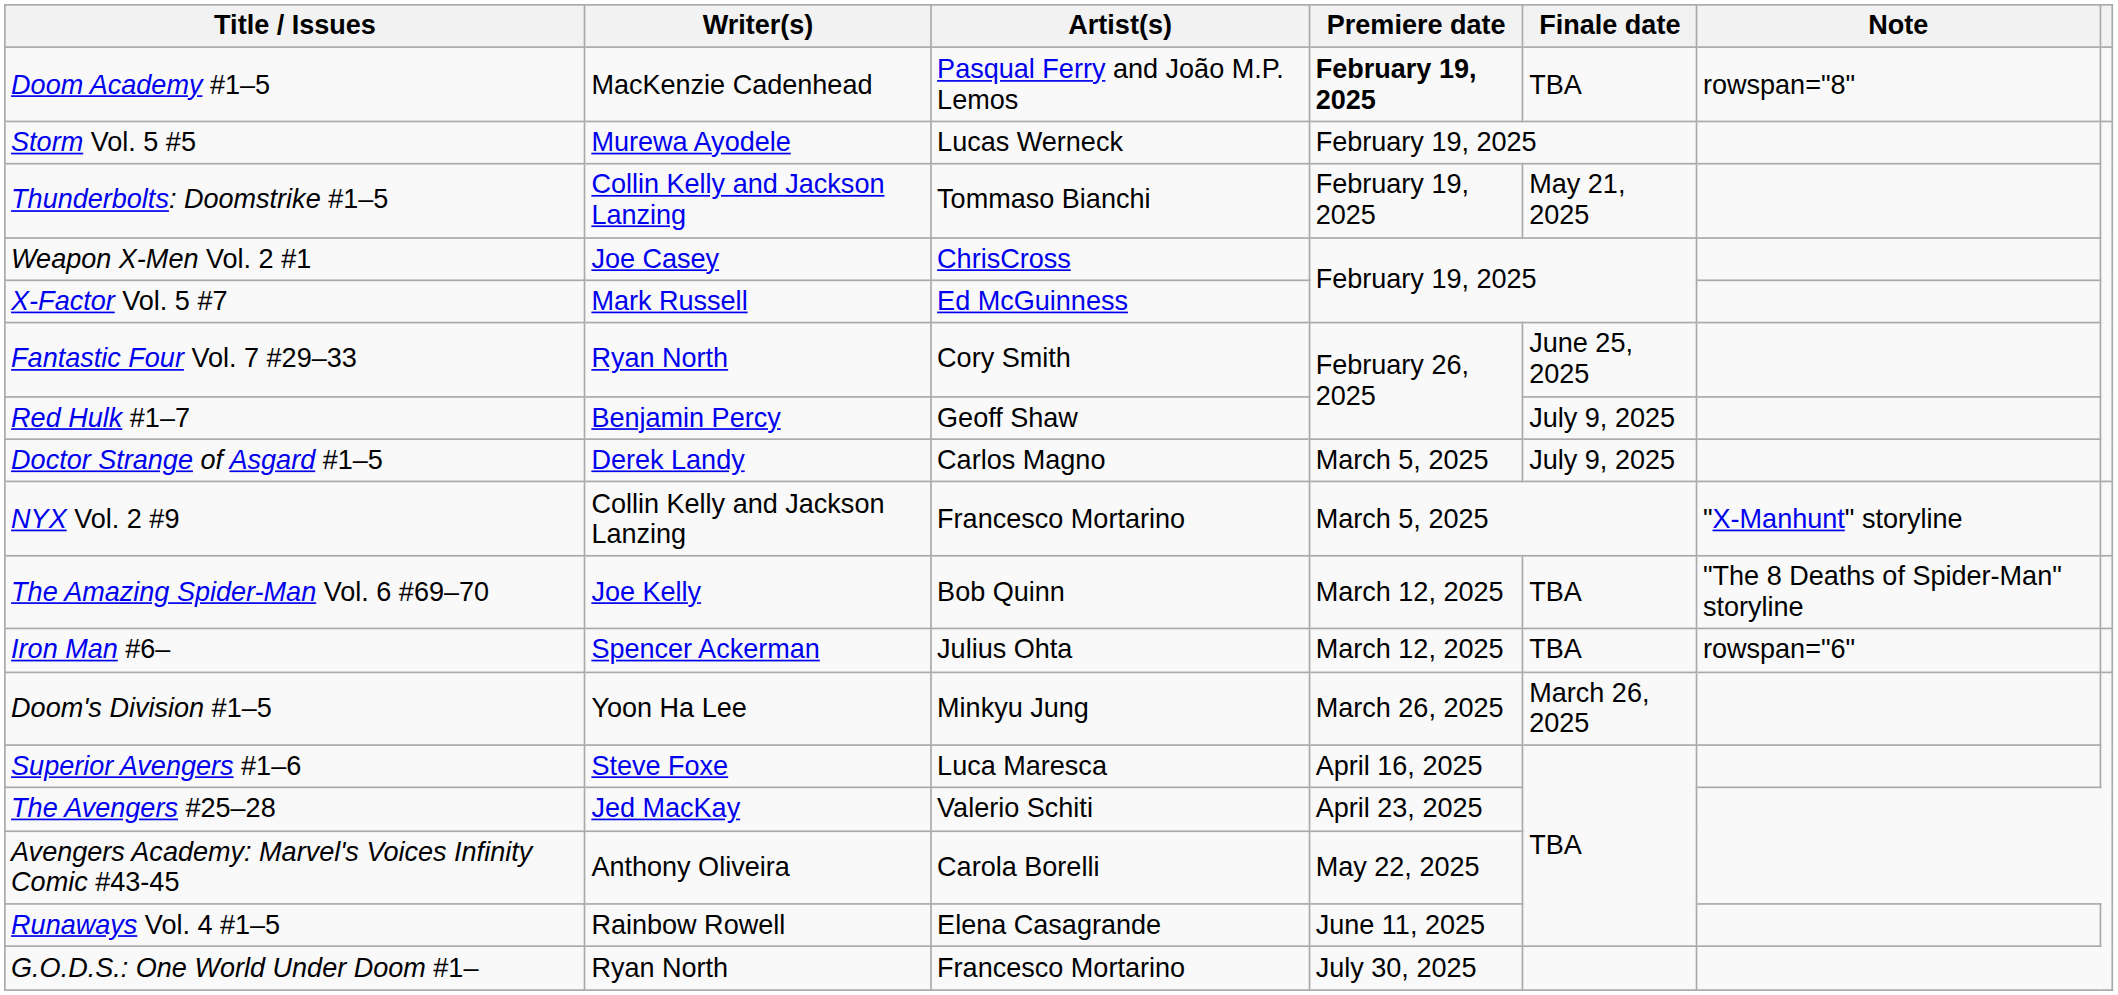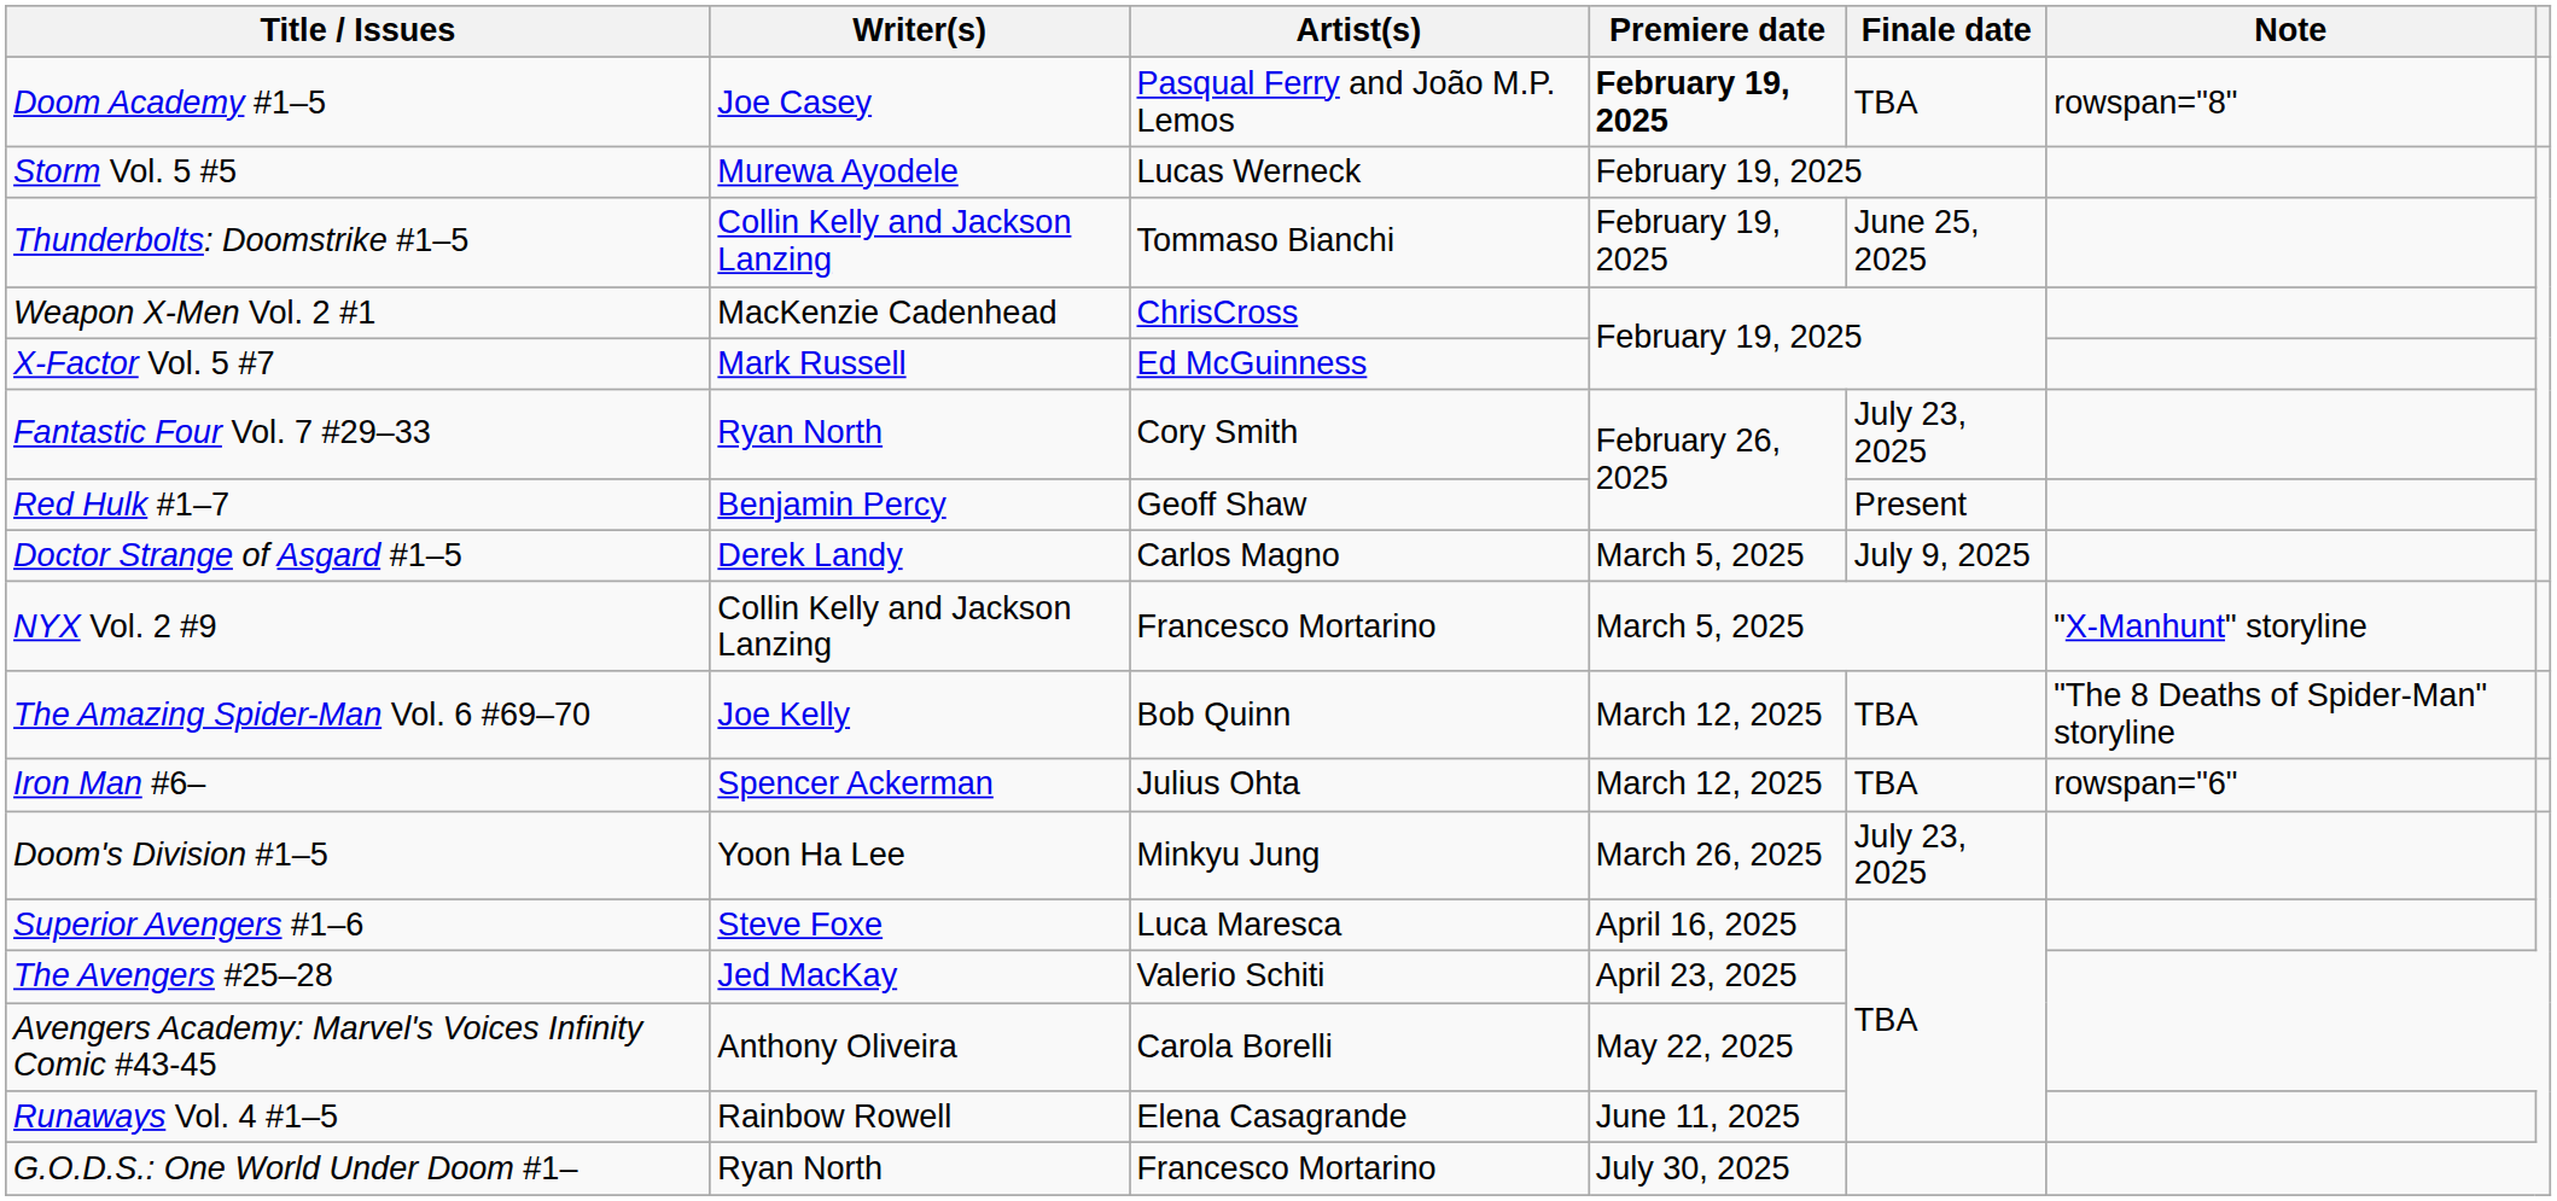 <table class="wikitable">
 <tr>
 <th scope="col">Title / Issues</th>
 <th scope="col">Writer(s)</th>
 <th scope="col">Artist(s)</th>
 <th scope="col">Premiere date</th>
 <th>Finale date</th>
 <th>Note</th>
 <th scope="col"></th>
 </tr>
 <tr>
 <td><a href='#'><em>Doom Academy</em></a> #1–5</td>
-<td>MacKenzie Cadenhead</td>
+<td><a href='#'>Joe Casey</a></td>
 <td><a href='#'>Pasqual Ferry</a> and João M.P. Lemos</td>
 <td><strong>February 19, 2025</strong></td>
 <td>TBA</td>
 <td>rowspan="8" </td>
 <td></td>
 </tr>
 <tr>
 <td><em><a href='#'>Storm</a></em> Vol. 5 #5</td>
 <td><a href='#'>Murewa Ayodele</a></td>
 <td>Lucas Werneck</td>
 <td colspan="2">February 19, 2025</td>
 <td></td>
 </tr>
 <tr>
 <td><em><a href='#'>Thunderbolts</a>: Doomstrike</em> #1–5</td>
 <td><a href='#'>Collin Kelly and Jackson Lanzing</a></td>
 <td>Tommaso Bianchi</td>
 <td>February 19, 2025</td>
-<td>May 21, 2025</td>
+<td>June 25, 2025</td>
 <td></td>
 </tr>
 <tr>
 <td><em>Weapon X-Men</em> Vol. 2 #1</td>
-<td><a href='#'>Joe Casey</a></td>
+<td>MacKenzie Cadenhead</td>
 <td><a href='#'>ChrisCross</a></td>
 <td colspan="2" rowspan="2">February 19, 2025</td>
 <td></td>
 </tr>
 <tr>
 <td><em><a href='#'>X-Factor</a></em> Vol. 5 #7</td>
 <td><a href='#'>Mark Russell</a></td>
 <td><a href='#'>Ed McGuinness</a></td>
 <td></td>
 </tr>
 <tr>
 <td><em><a href='#'>Fantastic Four</a></em> Vol. 7 #29–33</td>
 <td><a href='#'>Ryan North</a></td>
 <td>Cory Smith</td>
 <td rowspan="2">February 26, 2025</td>
-<td>June 25, 2025</td>
+<td>July 23, 2025</td>
 <td></td>
 </tr>
 <tr>
 <td><em><a href='#'>Red Hulk</a></em> #1–7</td>
 <td><a href='#'>Benjamin Percy</a></td>
 <td>Geoff Shaw</td>
-<td>July 9, 2025</td>
+<td>Present</td>
 <td></td>
 </tr>
 <tr>
 <td><em><a href='#'>Doctor Strange</a> of <a href='#'>Asgard</a></em> #1–5</td>
 <td><a href='#'>Derek Landy</a></td>
 <td>Carlos Magno</td>
 <td>March 5, 2025</td>
 <td>July 9, 2025</td>
 <td></td>
 </tr>
 <tr>
 <td><em><a href='#'>NYX</a></em> Vol. 2 #9</td>
 <td>Collin Kelly and Jackson Lanzing</td>
 <td>Francesco Mortarino</td>
 <td colspan="2">March 5, 2025</td>
 <td>"<a href='#'>X-Manhunt</a>" storyline</td>
 <td></td>
 </tr>
 <tr>
 <td><em><a href='#'>The Amazing Spider-Man</a></em> Vol. 6 #69–70</td>
 <td><a href='#'>Joe Kelly</a></td>
 <td>Bob Quinn</td>
 <td>March 12, 2025</td>
 <td>TBA</td>
 <td>"The 8 Deaths of Spider-Man" storyline</td>
 <td></td>
 </tr>
 <tr>
 <td><em><a href='#'>Iron Man</a></em> #6–</td>
 <td><a href='#'>Spencer Ackerman</a></td>
 <td>Julius Ohta</td>
 <td>March 12, 2025</td>
 <td>TBA</td>
 <td>rowspan="6" </td>
 <td></td>
 </tr>
 <tr>
 <td><em>Doom's Division</em> #1–5</td>
 <td>Yoon Ha Lee</td>
 <td>Minkyu Jung</td>
 <td>March 26, 2025</td>
-<td>March 26, 2025</td>
+<td>July 23, 2025</td>
 <td></td>
 </tr>
 <tr>
 <td><em><a href='#'>Superior Avengers</a></em> #1–6</td>
 <td><a href='#'>Steve Foxe</a></td>
 <td>Luca Maresca</td>
 <td>April 16, 2025</td>
 <td rowspan="4">TBA</td>
 <td></td>
 </tr>
 <tr>
 <td><em><a href='#'>The Avengers</a></em> #25–28</td>
 <td><a href='#'>Jed MacKay</a></td>
 <td>Valerio Schiti</td>
 <td>April 23, 2025</td>
 </tr>
 <tr>
 <td><em>Avengers Academy: Marvel's Voices Infinity Comic</em> #43-45</td>
 <td>Anthony Oliveira</td>
 <td>Carola Borelli</td>
 <td>May 22, 2025</td>
 </tr>
 <tr>
 <td><em><a href='#'>Runaways</a></em> Vol. 4 #1–5</td>
 <td>Rainbow Rowell</td>
 <td>Elena Casagrande</td>
 <td>June 11, 2025</td>
 <td></td>
 </tr>
 <tr>
 <td><em>G.O.D.S.: One World Under Doom</em> #1–</td>
 <td>Ryan North</td>
 <td>Francesco Mortarino</td>
 <td>July 30, 2025</td>
 <td></td>
 </tr>
 </table>
